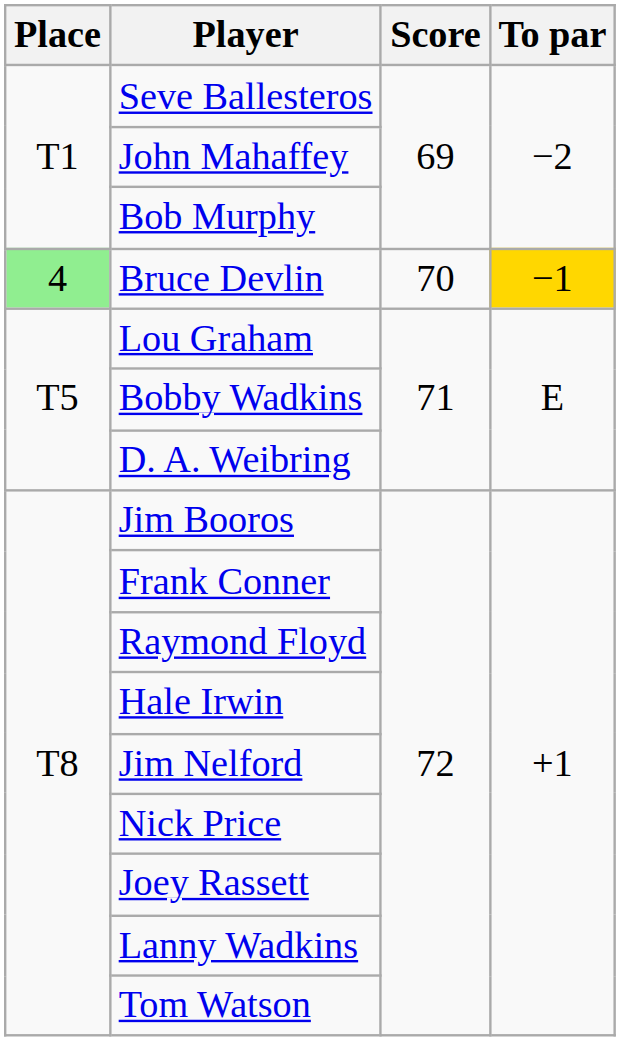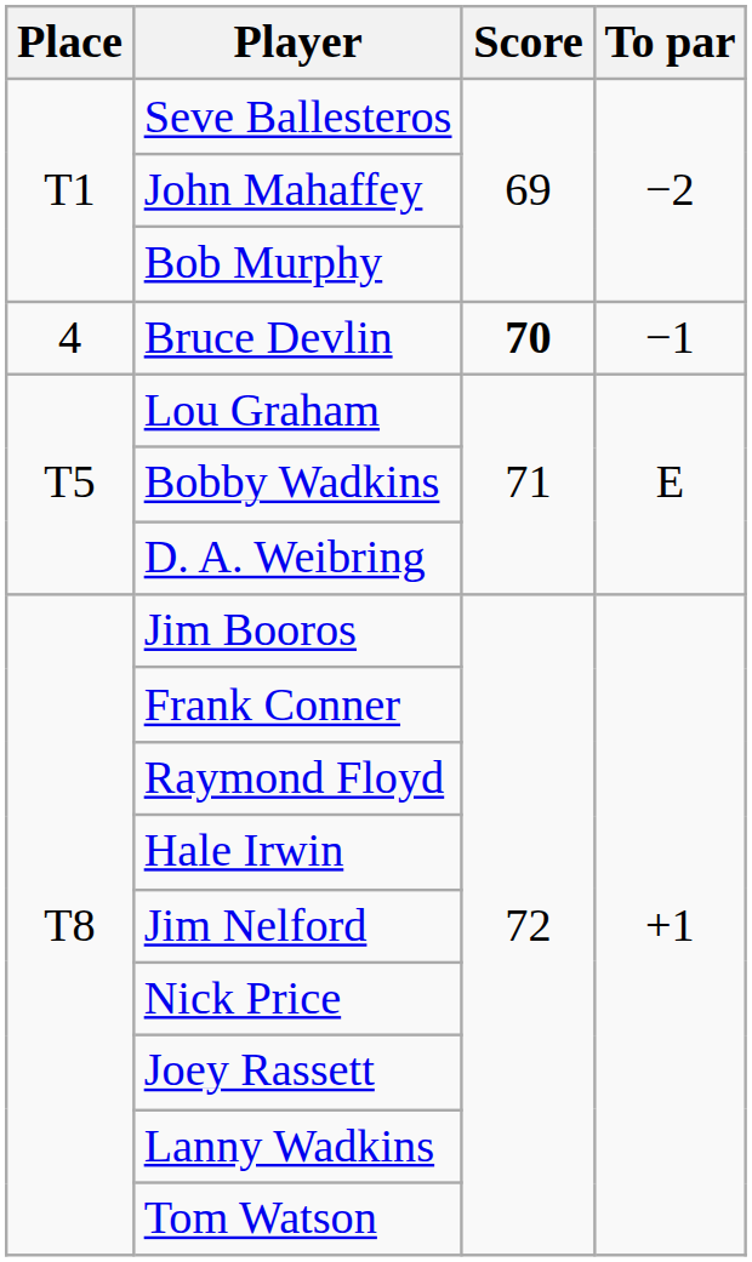 <table class="wikitable">
 <tr>
 <th>Place</th>
 <th>Player</th>
 <th>Score</th>
 <th>To par</th>
 </tr>
 <tr>
 <td rowspan="3" align=center>T1</td>
 <td> <a href='#'>Seve Ballesteros</a></td>
 <td rowspan="3" align=center>69</td>
 <td rowspan="3" align=center>−2</td>
 </tr>
 <tr>
 <td> <a href='#'>John Mahaffey</a></td>
 </tr>
 <tr>
 <td> <a href='#'>Bob Murphy</a></td>
 </tr>
 <tr>
-<td align=center style="background: lightgreen;">4</td>
+<td align=center>4</td>
 <td> <a href='#'>Bruce Devlin</a></td>
-<td align=center>70</td>
-<td align=center style="background: gold;">−1</td>
+<td align=center><strong>70</strong></td>
+<td align=center>−1</td>
 </tr>
 <tr>
 <td rowspan="3" align=center>T5</td>
 <td> <a href='#'>Lou Graham</a></td>
 <td rowspan="3" align=center>71</td>
 <td rowspan="3" align=center>E</td>
 </tr>
 <tr>
 <td> <a href='#'>Bobby Wadkins</a></td>
 </tr>
 <tr>
 <td> <a href='#'>D. A. Weibring</a></td>
 </tr>
 <tr>
 <td rowspan="9" align=center>T8</td>
 <td> <a href='#'>Jim Booros</a></td>
 <td rowspan="9" align=center>72</td>
 <td rowspan="9" align=center>+1</td>
 </tr>
 <tr>
 <td> <a href='#'>Frank Conner</a></td>
 </tr>
 <tr>
 <td> <a href='#'>Raymond Floyd</a></td>
 </tr>
 <tr>
 <td> <a href='#'>Hale Irwin</a></td>
 </tr>
 <tr>
 <td> <a href='#'>Jim Nelford</a></td>
 </tr>
 <tr>
 <td> <a href='#'>Nick Price</a></td>
 </tr>
 <tr>
 <td> <a href='#'>Joey Rassett</a></td>
 </tr>
 <tr>
 <td> <a href='#'>Lanny Wadkins</a></td>
 </tr>
 <tr>
 <td> <a href='#'>Tom Watson</a></td>
 </tr>
 </table>
